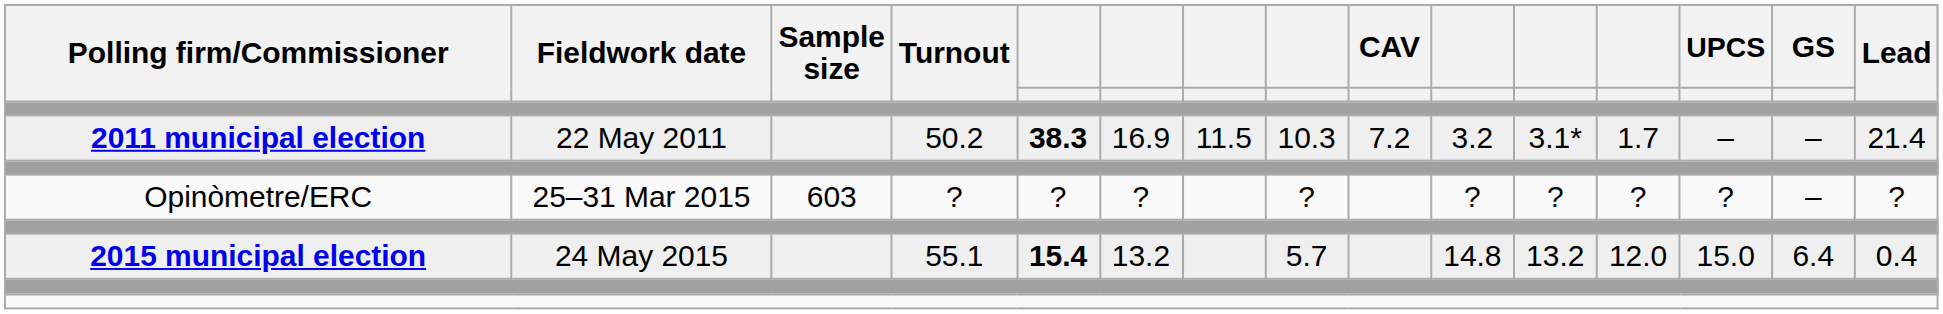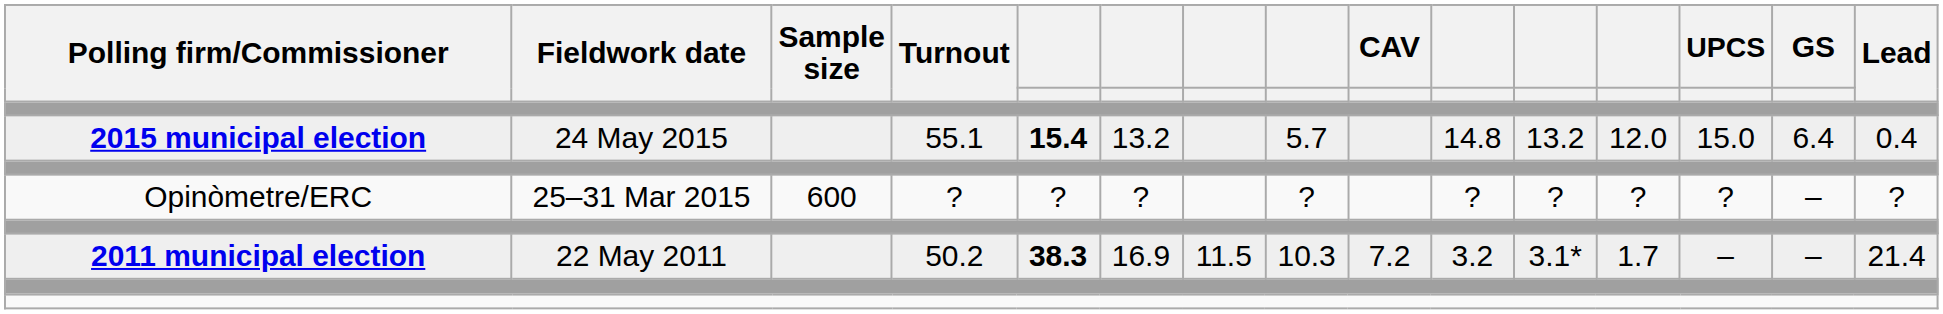 <table class="wikitable collapsible collapsed" style="text-align:center; font-size:95%; line-height:16px;">
 <tr style="height:42px;">
 <th style="width:250px;" rowspan="2">Polling firm/Commissioner</th>
 <th style="width:125px;" rowspan="2">Fieldwork date</th>
 <th style="width:50px;" rowspan="2">Sample size</th>
 <th style="width:45px;" rowspan="2">Turnout</th>
 <th style="width:35px;"></th>
 <th style="width:35px;"></th>
 <th style="width:35px;"></th>
 <th style="width:35px;"></th>
 <th style="width:35px;">CAV</th>
 <th style="width:35px;"></th>
 <th style="width:35px;"></th>
 <th style="width:35px;"></th>
 <th style="width:35px; font-size:95%;">UPCS</th>
 <th style="width:35px;">GS</th>
 <th style="width:30px;" rowspan="2">Lead</th>
 </tr>
 <tr>
 <th style="color:inherit;background:"></th>
 <th style="color:inherit;background:"></th>
 <th style="color:inherit;background:"></th>
 <th style="color:inherit;background:"></th>
 <th style="color:inherit;background:"></th>
 <th style="color:inherit;background:"></th>
 <th style="color:inherit;background:"></th>
 <th style="color:inherit;background:"></th>
 <th style="color:inherit;background:"></th>
 <th style="color:inherit;background:"></th>
 </tr>
 <tr>
 <td colspan="15" style="background:#A0A0A0"></td>
 </tr>
 <tr style="background:#EFEFEF;">
+<td><strong><a href='#'>2015 municipal election</a></strong></td>
+<td>24 May 2015</td>
+<td></td>
+<td>55.1</td>
+<td><strong>15.4</strong><br></td>
+<td>13.2<br></td>
+<td></td>
+<td>5.7<br></td>
+<td></td>
+<td>14.8<br></td>
+<td>13.2<br></td>
+<td>12.0<br></td>
+<td>15.0<br></td>
+<td>6.4<br></td>
+<td style="background:">0.4</td>
+</tr>
+<tr>
+<td colspan="15" style="background:#A0A0A0"></td>
+</tr>
+<tr>
+<td>Opinòmetre/ERC</td>
+<td>25–31 Mar 2015</td>
+<td>600</td>
+<td>?</td>
+<td>?<br></td>
+<td>?<br></td>
+<td></td>
+<td>?<br></td>
+<td></td>
+<td>?<br></td>
+<td>?<br></td>
+<td>?<br></td>
+<td>?<br></td>
+<td>–</td>
+<td style="background:">?</td>
+</tr>
+<tr>
+<td colspan="15" style="background:#A0A0A0"></td>
+</tr>
+<tr style="background:#EFEFEF;">
 <td><strong><a href='#'>2011 municipal election</a></strong></td>
 <td>22 May 2011</td>
 <td></td>
 <td>50.2</td>
 <td><strong>38.3</strong><br></td>
 <td>16.9<br></td>
 <td>11.5<br></td>
 <td>10.3<br></td>
 <td>7.2<br></td>
 <td>3.2<br></td>
 <td>3.1*<br></td>
 <td>1.7<br></td>
 <td>–</td>
 <td>–</td>
 <td style="background:">21.4</td>
 </tr>
 <tr>
 <td colspan="15" style="background:#A0A0A0"></td>
 </tr>
 <tr>
-<td>Opinòmetre/ERC</td>
-<td>25–31 Mar 2015</td>
-<td>603</td>
-<td>?</td>
-<td>?<br></td>
-<td>?<br></td>
-<td></td>
-<td>?<br></td>
-<td></td>
-<td>?<br></td>
-<td>?<br></td>
-<td>?<br></td>
-<td>?<br></td>
-<td>–</td>
-<td style="background:">?</td>
-</tr>
-<tr>
-<td colspan="15" style="background:#A0A0A0"></td>
-</tr>
-<tr style="background:#EFEFEF;">
-<td><strong><a href='#'>2015 municipal election</a></strong></td>
-<td>24 May 2015</td>
-<td></td>
-<td>55.1</td>
-<td><strong>15.4</strong><br></td>
-<td>13.2<br></td>
-<td></td>
-<td>5.7<br></td>
-<td></td>
-<td>14.8<br></td>
-<td>13.2<br></td>
-<td>12.0<br></td>
-<td>15.0<br></td>
-<td>6.4<br></td>
-<td style="background:">0.4</td>
-</tr>
-<tr>
-<td colspan="15" style="background:#A0A0A0"></td>
-</tr>
-<tr>
 <td align="left" colspan="15"></td>
 </tr>
 </table>
